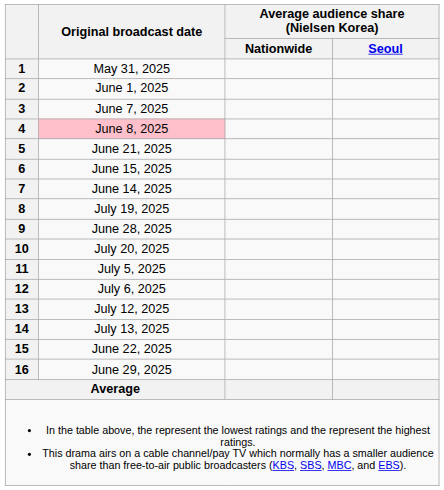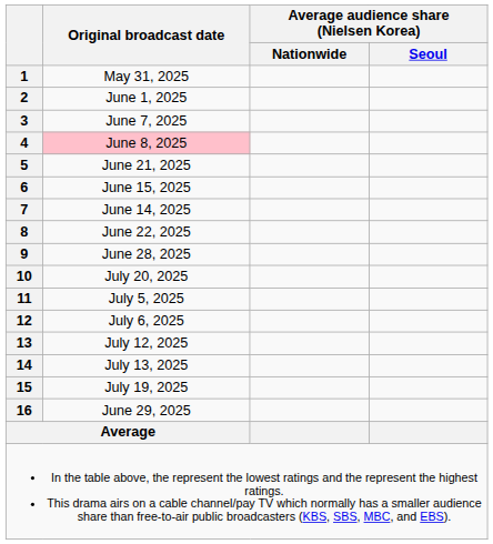 <table class="wikitable" style="margin-left:auto; margin-right:auto; width:550px; text-align:center">
 <tr>
 <th scope="col" rowspan="2"></th>
 <th scope="col" rowspan="2">Original broadcast date</th>
 <th scope="col" colspan="2">Average audience share<br>(Nielsen Korea)</th>
 </tr>
 <tr>
 <th scope="col" style="width:8em">Nationwide</th>
 <th scope="col" style="width:8em"><a href='#'>Seoul</a></th>
 </tr>
 <tr>
 <th scope="row">1</th>
 <td>May 31, 2025</td>
 <td><strong></strong> </td>
 <td><strong></strong> </td>
 </tr>
 <tr>
 <th scope="row">2</th>
 <td>June 1, 2025</td>
 <td><strong></strong> </td>
 <td><strong></strong> </td>
 </tr>
 <tr>
 <th scope="row">3</th>
 <td>June 7, 2025</td>
 <td></td>
 <td></td>
 </tr>
 <tr>
 <th scope="row">4</th>
 <td style="background: pink;">June 8, 2025</td>
 <td></td>
 <td></td>
 </tr>
 <tr>
 <th scope="row">5</th>
 <td>June 21, 2025</td>
 <td></td>
 <td></td>
 </tr>
 <tr>
 <th scope="row">6</th>
 <td>June 15, 2025</td>
 <td></td>
 <td></td>
 </tr>
 <tr>
 <th scope="row">7</th>
 <td>June 14, 2025</td>
 <td></td>
 <td></td>
 </tr>
 <tr>
 <th scope="row">8</th>
-<td>July 19, 2025</td>
+<td>June 22, 2025</td>
 <td></td>
 <td></td>
 </tr>
 <tr>
 <th scope="row">9</th>
 <td>June 28, 2025</td>
 <td></td>
 <td></td>
 </tr>
 <tr>
 <th scope="row">10</th>
 <td>July 20, 2025</td>
 <td></td>
 <td></td>
 </tr>
 <tr>
 <th scope="row">11</th>
 <td>July 5, 2025</td>
 <td></td>
 <td></td>
 </tr>
 <tr>
 <th scope="row">12</th>
 <td>July 6, 2025</td>
 <td></td>
 <td></td>
 </tr>
 <tr>
 <th scope="row">13</th>
 <td>July 12, 2025</td>
 <td></td>
 <td></td>
 </tr>
 <tr>
 <th scope="row">14</th>
 <td>July 13, 2025</td>
 <td></td>
 <td></td>
 </tr>
 <tr>
 <th scope="row">15</th>
-<td>June 22, 2025</td>
+<td>July 19, 2025</td>
 <td></td>
 <td></td>
 </tr>
 <tr>
 <th scope="row">16</th>
 <td>June 29, 2025</td>
 <td></td>
 <td></td>
 </tr>
 <tr>
 <th scope="col" colspan="2">Average</th>
 <th scope="col"></th>
 <th scope="col"></th>
 </tr>
 <tr>
 <td colspan="4" style="font-size:85%"><br><ul><li>In the table above, the <strong></strong> represent the lowest ratings and the <strong></strong> represent the highest ratings.</li><li>This drama airs on a cable channel/pay TV which normally has a smaller audience share than free-to-air public broadcasters (<a href='#'>KBS</a>, <a href='#'>SBS</a>, <a href='#'>MBC</a>, and <a href='#'>EBS</a>).</li></ul></td>
 </tr>
 </table>
